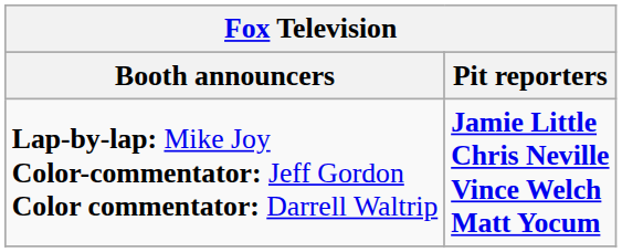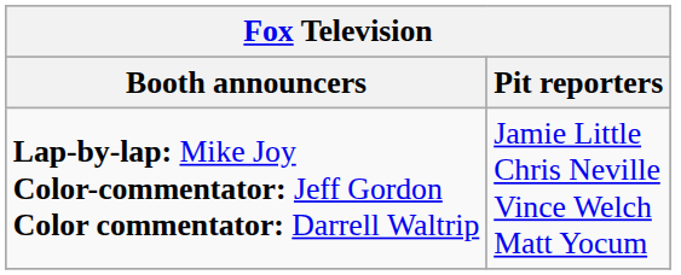 <table class="wikitable" style="font-size: 95%">
 <tr>
 <th colspan="2"><a href='#'>Fox</a> Television</th>
 </tr>
 <tr>
 <th>Booth announcers</th>
 <th>Pit reporters</th>
 </tr>
 <tr>
 <td><strong>Lap-by-lap:</strong> <a href='#'>Mike Joy</a><br><strong>Color-commentator:</strong> <a href='#'>Jeff Gordon</a><br><strong>Color commentator:</strong> <a href='#'>Darrell Waltrip</a></td>
-<td><strong><a href='#'>Jamie Little</a><br><a href='#'>Chris Neville</a><br><a href='#'>Vince Welch</a><br><a href='#'>Matt Yocum</a></strong></td>
+<td><a href='#'>Jamie Little</a><br><a href='#'>Chris Neville</a><br><a href='#'>Vince Welch</a><br><a href='#'>Matt Yocum</a></td>
 </tr>
 </table>
